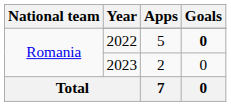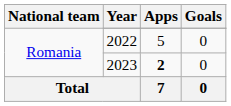 <table class="wikitable" style="text-align: center;">
 <tr>
 <th>National team</th>
 <th>Year</th>
 <th>Apps</th>
 <th>Goals</th>
 </tr>
 <tr>
 <td rowspan="3"><a href='#'>Romania</a></td>
 </tr>
 <tr>
 <td>2022</td>
 <td>5</td>
-<td><strong>0</strong></td>
+<td>0</td>
 </tr>
 <tr>
 <td>2023</td>
-<td>2</td>
+<td><strong>2</strong></td>
 <td>0</td>
 </tr>
 <tr>
 <th colspan=2>Total</th>
 <th>7</th>
 <th>0</th>
 </tr>
 </table>
